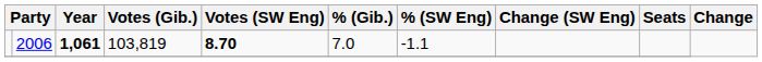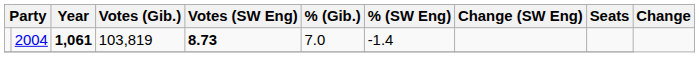 <table class="wikitable">
 <tr>
 <th colspan="2">Party</th>
 <th>Year</th>
 <th>Votes (Gib.)</th>
 <th>Votes (SW Eng)</th>
 <th>% (Gib.)</th>
 <th>% (SW Eng)</th>
 <th>Change (SW Eng)</th>
 <th>Seats</th>
 <th>Change</th>
 </tr>
 <tr>
 <td></td>
-<td><a href='#'>2006</a></td>
+<td><a href='#'>2004</a></td>
 <td><strong>1,061</strong></td>
 <td>103,819</td>
-<td><strong>8.70</strong></td>
+<td><strong>8.73</strong></td>
 <td>7.0</td>
-<td>-1.1</td>
+<td>-1.4</td>
 <td></td>
 <td></td>
 </tr>
 <tr>
 </tr>
 </table>
